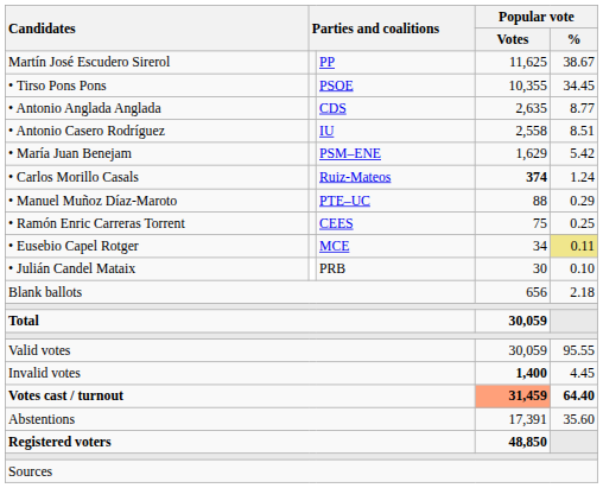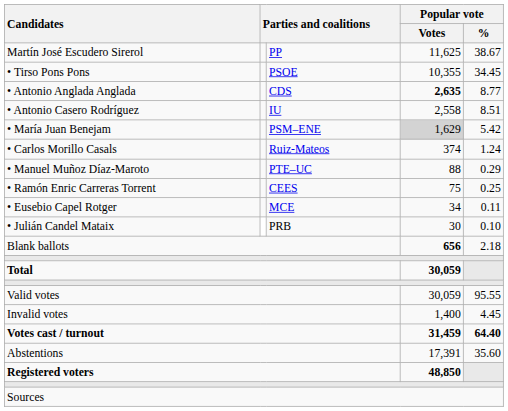 <table class="wikitable" style="text-align:right; font-size:95%;">
 <tr>
 <th style="text-align:left;" rowspan="2" width="325">Candidates</th>
 <th style="text-align:left;" rowspan="2" colspan="2" width="175">Parties and coalitions</th>
 <th colspan="2">Popular vote</th>
 </tr>
 <tr>
 <th width="75">Votes</th>
 <th width="45">%</th>
 </tr>
 <tr>
 <td align="left"> Martín José Escudero Sirerol</td>
 <td width="1" style="color:inherit;background:"></td>
 <td align="left"><a href='#'>PP</a></td>
 <td>11,625</td>
 <td>38.67</td>
 </tr>
 <tr>
 <td align="left">• Tirso Pons Pons</td>
 <td style="color:inherit;background:"></td>
 <td align="left"><a href='#'>PSOE</a></td>
 <td>10,355</td>
 <td>34.45</td>
 </tr>
 <tr>
 <td align="left">• Antonio Anglada Anglada</td>
 <td style="color:inherit;background:"></td>
 <td align="left"><a href='#'>CDS</a></td>
-<td>2,635</td>
+<td><strong>2,635</strong></td>
 <td>8.77</td>
 </tr>
 <tr>
 <td align="left">• Antonio Casero Rodríguez</td>
 <td style="color:inherit;background:"></td>
 <td align="left"><a href='#'>IU</a></td>
 <td>2,558</td>
 <td>8.51</td>
 </tr>
 <tr>
 <td align="left">• María Juan Benejam</td>
 <td style="color:inherit;background:"></td>
 <td align="left"><a href='#'>PSM–ENE</a></td>
-<td>1,629</td>
+<td style="background: lightgrey;">1,629</td>
 <td>5.42</td>
 </tr>
 <tr>
 <td align="left">• Carlos Morillo Casals</td>
 <td style="color:inherit;background:"></td>
 <td align="left"><a href='#'>Ruiz-Mateos</a></td>
-<td><strong>374</strong></td>
+<td>374</td>
 <td>1.24</td>
 </tr>
 <tr>
 <td align="left">• Manuel Muñoz Díaz-Maroto</td>
 <td style="color:inherit;background:"></td>
 <td align="left"><a href='#'>PTE–UC</a></td>
 <td>88</td>
 <td>0.29</td>
 </tr>
 <tr>
 <td align="left">• Ramón Enric Carreras Torrent</td>
 <td style="color:inherit;background:"></td>
 <td align="left"><a href='#'>CEES</a></td>
 <td>75</td>
 <td>0.25</td>
 </tr>
 <tr>
 <td align="left">• Eusebio Capel Rotger</td>
 <td style="color:inherit;background:"></td>
 <td align="left"><a href='#'>MCE</a></td>
 <td>34</td>
-<td style="background: khaki;">0.11</td>
+<td>0.11</td>
 </tr>
 <tr>
 <td align="left">• Julián Candel Mataix</td>
 <td bgcolor="white"></td>
 <td align="left">PRB</td>
 <td>30</td>
 <td>0.10</td>
 </tr>
 <tr>
 <td align="left" colspan="3">Blank ballots</td>
-<td>656</td>
+<td><strong>656</strong></td>
 <td>2.18</td>
 </tr>
 <tr>
 <td colspan="5" bgcolor="#E9E9E9"></td>
 </tr>
 <tr style="font-weight:bold;">
 <td align="left" colspan="3">Total</td>
 <td>30,059</td>
 <td bgcolor="#E9E9E9"></td>
 </tr>
 <tr>
 <td colspan="5" bgcolor="#E9E9E9"></td>
 </tr>
 <tr>
 <td align="left" colspan="3">Valid votes</td>
 <td>30,059</td>
 <td>95.55</td>
 </tr>
 <tr>
 <td align="left" colspan="3">Invalid votes</td>
-<td><strong>1,400</strong></td>
+<td>1,400</td>
 <td>4.45</td>
 </tr>
 <tr style="font-weight:bold;">
 <td align="left" colspan="3">Votes cast / turnout</td>
-<td style="background: lightsalmon;">31,459</td>
+<td>31,459</td>
 <td>64.40</td>
 </tr>
 <tr>
 <td align="left" colspan="3">Abstentions</td>
 <td>17,391</td>
 <td>35.60</td>
 </tr>
 <tr style="font-weight:bold;">
 <td align="left" colspan="3">Registered voters</td>
 <td>48,850</td>
 <td bgcolor="#E9E9E9"></td>
 </tr>
 <tr>
 <td colspan="5" bgcolor="#E9E9E9"></td>
 </tr>
 <tr>
 <td align="left" colspan="5">Sources</td>
 </tr>
 </table>
